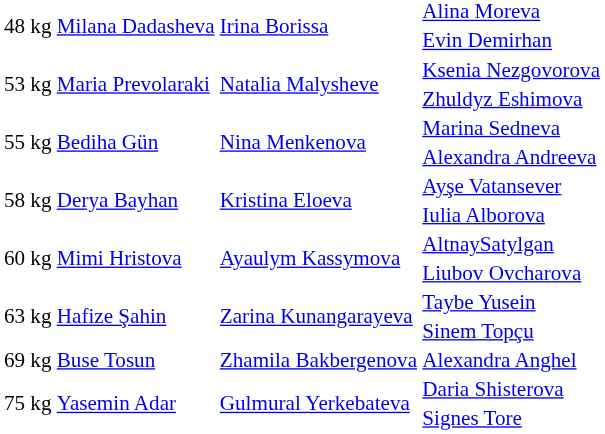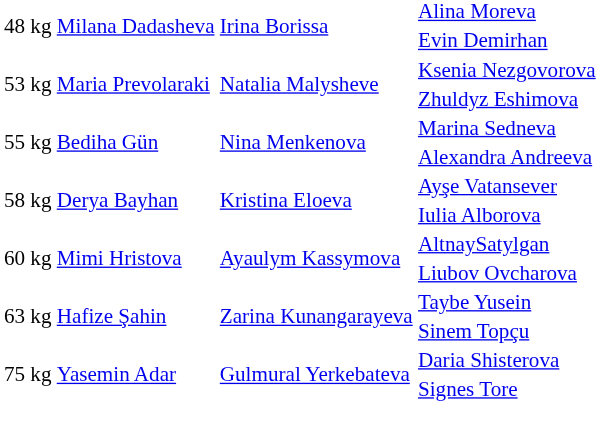 <table>
 <tr>
 <td rowspan=2>48 kg</td>
 <td rowspan=2> <a href='#'>Milana Dadasheva</a></td>
 <td rowspan=2> <a href='#'>Irina Borissa</a></td>
 <td> <a href='#'>Alina Moreva</a></td>
 </tr>
 <tr>
 <td> <a href='#'>Evin Demirhan</a></td>
 </tr>
 <tr>
 <td rowspan=2>53 kg</td>
 <td rowspan=2> <a href='#'>Maria Prevolaraki</a></td>
 <td rowspan=2> <a href='#'>Natalia Malysheve</a></td>
 <td> <a href='#'>Ksenia Nezgovorova</a></td>
 </tr>
 <tr>
 <td> <a href='#'>Zhuldyz Eshimova</a></td>
 </tr>
 <tr>
 <td rowspan=2>55 kg</td>
 <td rowspan=2> <a href='#'>Bediha Gün</a></td>
 <td rowspan=2> <a href='#'>Nina Menkenova</a></td>
 <td> <a href='#'>Marina Sedneva</a></td>
 </tr>
 <tr>
 <td> <a href='#'>Alexandra Andreeva</a></td>
 </tr>
 <tr>
 <td rowspan=2>58 kg</td>
 <td rowspan=2> <a href='#'>Derya Bayhan</a></td>
 <td rowspan=2> <a href='#'>Kristina Eloeva</a></td>
 <td> <a href='#'>Ayşe Vatansever</a></td>
 </tr>
 <tr>
 <td> <a href='#'>Iulia Alborova</a></td>
 </tr>
 <tr>
 <td rowspan=2>60 kg</td>
 <td rowspan=2> <a href='#'>Mimi Hristova</a></td>
 <td rowspan=2> <a href='#'>Ayaulym Kassymova</a></td>
 <td> <a href='#'>AltnaySatylgan</a></td>
 </tr>
 <tr>
 <td> <a href='#'>Liubov Ovcharova</a></td>
 </tr>
 <tr>
 <td rowspan=2>63 kg</td>
 <td rowspan=2> <a href='#'>Hafize Şahin</a></td>
 <td rowspan=2> <a href='#'>Zarina Kunangarayeva</a></td>
 <td> <a href='#'>Taybe Yusein</a></td>
 </tr>
 <tr>
 <td> <a href='#'>Sinem Topçu</a></td>
 </tr>
 <tr>
-<td>69 kg</td>
-<td> <a href='#'>Buse Tosun</a></td>
-<td> <a href='#'>Zhamila Bakbergenova</a></td>
-<td> <a href='#'>Alexandra Anghel</a></td>
-</tr>
-<tr>
 <td rowspan=2>75 kg</td>
 <td rowspan=2> <a href='#'>Yasemin Adar</a></td>
 <td rowspan=2> <a href='#'>Gulmural Yerkebateva</a></td>
 <td> <a href='#'>Daria Shisterova</a></td>
 </tr>
 <tr>
 <td> <a href='#'>Signes Tore</a></td>
 </tr>
 <tr>
 </tr>
 </table>
